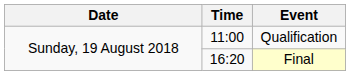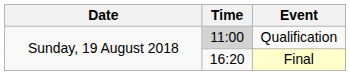 <table class = "wikitable" style="text-align:center;">
 <tr>
 <th width="220">Date</th>
 <th width="50">Time</th>
 <th width="100">Event</th>
 </tr>
 <tr>
 <td rowspan="2">Sunday, 19 August 2018</td>
-<td>11:00</td>
+<td style="background: lightgrey;">11:00</td>
 <td>Qualification</td>
 </tr>
 <tr>
 <td>16:20</td>
 <td bgcolor=ffffcc>Final</td>
 </tr>
 </table>
